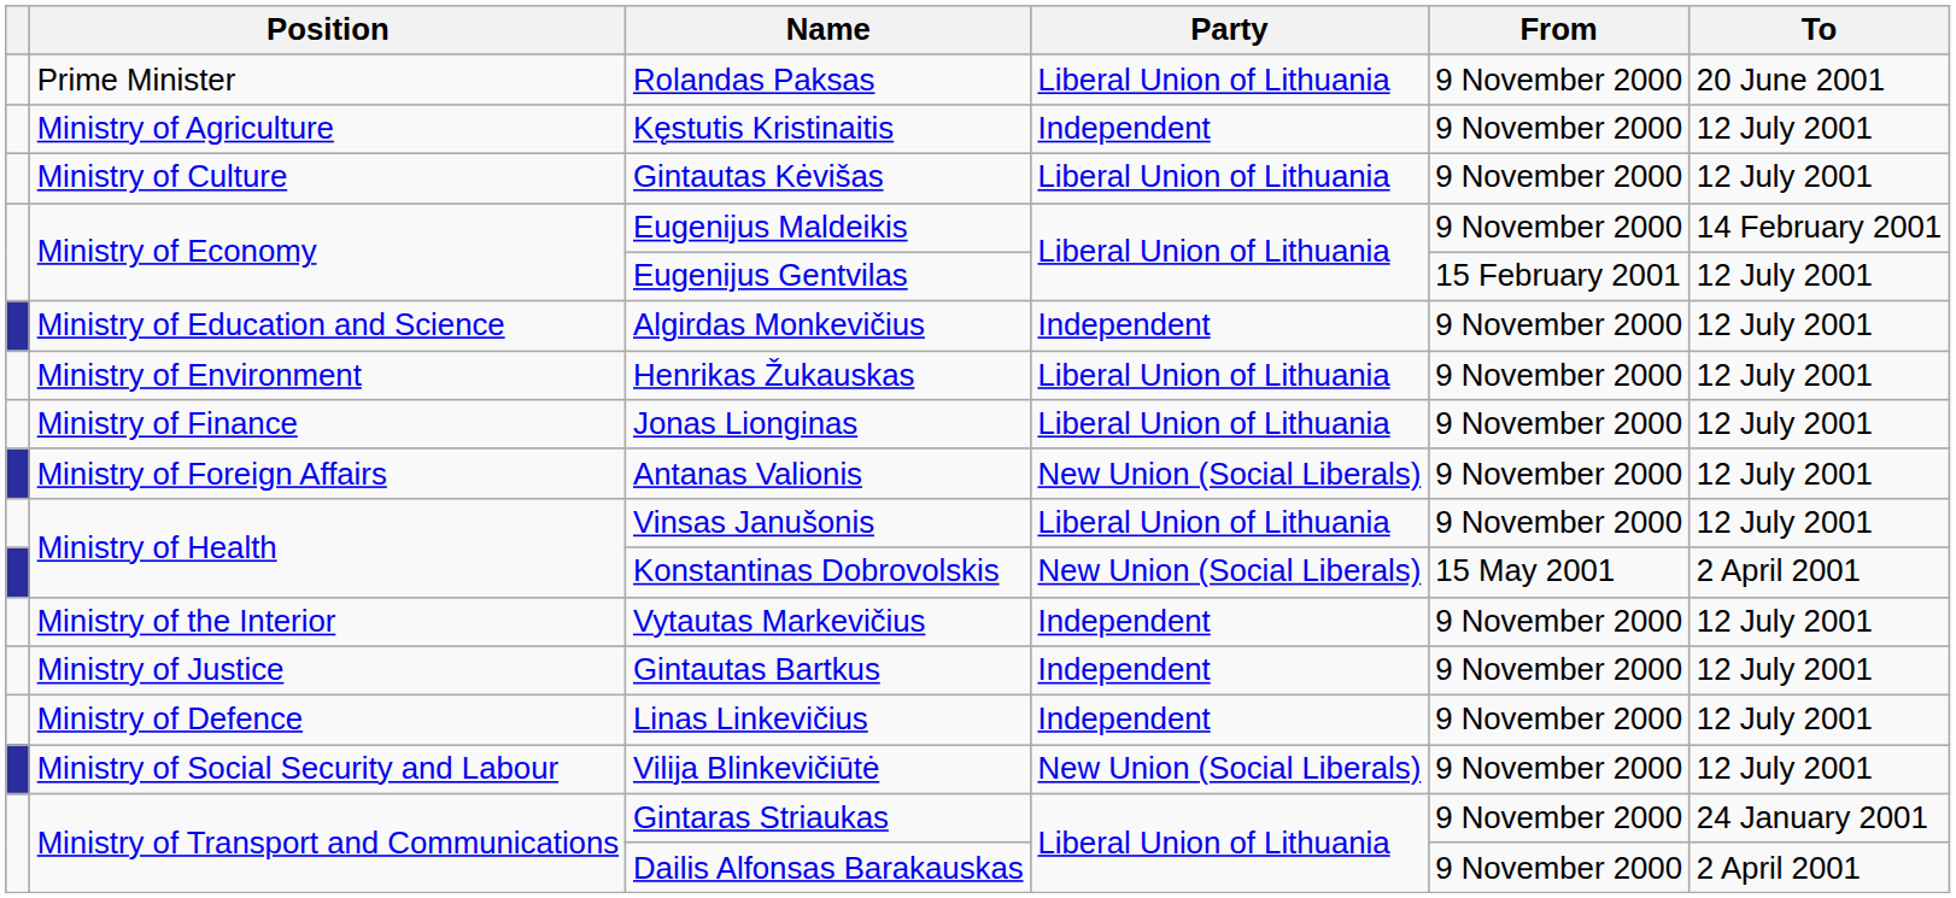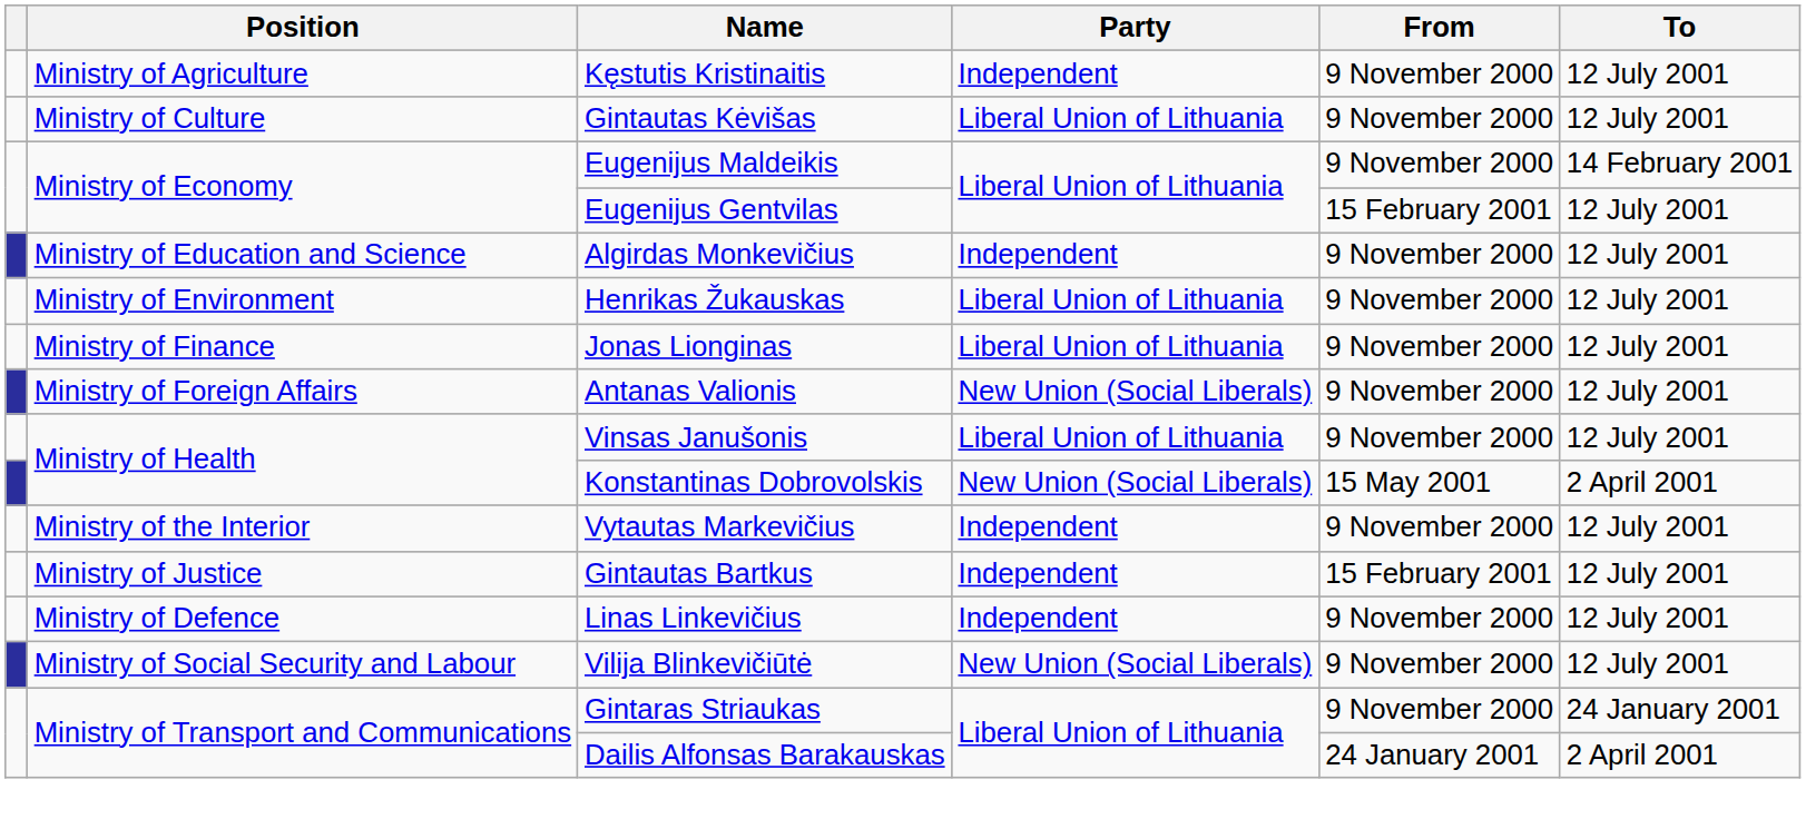 <table class="wikitable">
 <tr>
 <th></th>
 <th>Position</th>
 <th>Name</th>
 <th>Party</th>
 <th>From</th>
 <th>To</th>
-</tr>
-<tr>
-<td width=5px style="background-color: "></td>
-<td>Prime Minister</td>
-<td><a href='#'>Rolandas Paksas</a></td>
-<td><a href='#'>Liberal Union of Lithuania</a></td>
-<td>9 November 2000</td>
-<td>20 June 2001</td>
 </tr>
 <tr>
 <td width=5px style="background-color: "></td>
 <td><a href='#'>Ministry of Agriculture</a></td>
 <td><a href='#'>Kęstutis Kristinaitis</a></td>
 <td><a href='#'>Independent</a></td>
 <td>9 November 2000</td>
 <td>12 July 2001</td>
 </tr>
 <tr>
 <td style="background-color: "></td>
 <td><a href='#'>Ministry of Culture</a></td>
 <td><a href='#'>Gintautas Kėvišas</a></td>
 <td><a href='#'>Liberal Union of Lithuania</a></td>
 <td>9 November 2000</td>
 <td>12 July 2001</td>
 </tr>
 <tr>
 <td rowspan=2 style="background-color: "></td>
 <td rowspan=2><a href='#'>Ministry of Economy</a></td>
 <td><a href='#'>Eugenijus Maldeikis</a></td>
 <td rowspan=2><a href='#'>Liberal Union of Lithuania</a></td>
 <td>9 November 2000</td>
 <td>14 February 2001</td>
 </tr>
 <tr>
 <td><a href='#'>Eugenijus Gentvilas</a></td>
 <td>15 February 2001</td>
 <td>12 July 2001</td>
 </tr>
 <tr>
 <td style="background-color: #2A2D9C"></td>
 <td><a href='#'>Ministry of Education and Science</a></td>
 <td><a href='#'>Algirdas Monkevičius</a></td>
 <td><a href='#'>Independent</a></td>
 <td>9 November 2000</td>
 <td>12 July 2001</td>
 </tr>
 <tr>
 <td style="background-color: "></td>
 <td><a href='#'>Ministry of Environment</a></td>
 <td><a href='#'>Henrikas Žukauskas</a></td>
 <td><a href='#'>Liberal Union of Lithuania</a></td>
 <td>9 November 2000</td>
 <td>12 July 2001</td>
 </tr>
 <tr>
 <td style="background-color: "></td>
 <td><a href='#'>Ministry of Finance</a></td>
 <td><a href='#'>Jonas Lionginas</a></td>
 <td><a href='#'>Liberal Union of Lithuania</a></td>
 <td>9 November 2000</td>
 <td>12 July 2001</td>
 </tr>
 <tr>
 <td style="background-color: #2A2D9C"></td>
 <td><a href='#'>Ministry of Foreign Affairs</a></td>
 <td><a href='#'>Antanas Valionis</a></td>
 <td><a href='#'>New Union (Social Liberals)</a></td>
 <td>9 November 2000</td>
 <td>12 July 2001</td>
 </tr>
 <tr>
 <td style="background-color: "></td>
 <td rowspan=2><a href='#'>Ministry of Health</a></td>
 <td><a href='#'>Vinsas Janušonis</a></td>
 <td><a href='#'>Liberal Union of Lithuania</a></td>
 <td>9 November 2000</td>
 <td>12 July 2001</td>
 </tr>
 <tr>
 <td style="background-color: #2A2D9C"></td>
 <td><a href='#'>Konstantinas Dobrovolskis</a></td>
 <td><a href='#'>New Union (Social Liberals)</a></td>
 <td>15 May 2001</td>
 <td>2 April 2001</td>
 </tr>
 <tr>
 <td style="background-color: "></td>
 <td><a href='#'>Ministry of the Interior</a></td>
 <td><a href='#'>Vytautas Markevičius</a></td>
 <td><a href='#'>Independent</a></td>
 <td>9 November 2000</td>
 <td>12 July 2001</td>
 </tr>
 <tr>
 <td style="background-color: "></td>
 <td><a href='#'>Ministry of Justice</a></td>
 <td><a href='#'>Gintautas Bartkus</a></td>
 <td><a href='#'>Independent</a></td>
-<td>9 November 2000</td>
+<td>15 February 2001</td>
 <td>12 July 2001</td>
 </tr>
 <tr>
 <td style="background-color: "></td>
 <td><a href='#'>Ministry of Defence</a></td>
 <td><a href='#'>Linas Linkevičius</a></td>
 <td><a href='#'>Independent</a></td>
 <td>9 November 2000</td>
 <td>12 July 2001</td>
 </tr>
 <tr>
 <td style="background-color: #2A2D9C"></td>
 <td><a href='#'>Ministry of Social Security and Labour</a></td>
 <td><a href='#'>Vilija Blinkevičiūtė</a></td>
 <td><a href='#'>New Union (Social Liberals)</a></td>
 <td>9 November 2000</td>
 <td>12 July 2001</td>
 </tr>
 <tr>
 <td rowspan=2 style="background-color: "></td>
 <td rowspan=2><a href='#'>Ministry of Transport and Communications</a></td>
 <td><a href='#'>Gintaras Striaukas</a></td>
 <td rowspan=2><a href='#'>Liberal Union of Lithuania</a></td>
 <td>9 November 2000</td>
 <td>24 January 2001</td>
 </tr>
 <tr>
 <td><a href='#'>Dailis Alfonsas Barakauskas</a></td>
-<td>9 November 2000</td>
+<td>24 January 2001</td>
 <td>2 April 2001</td>
 </tr>
 </table>
